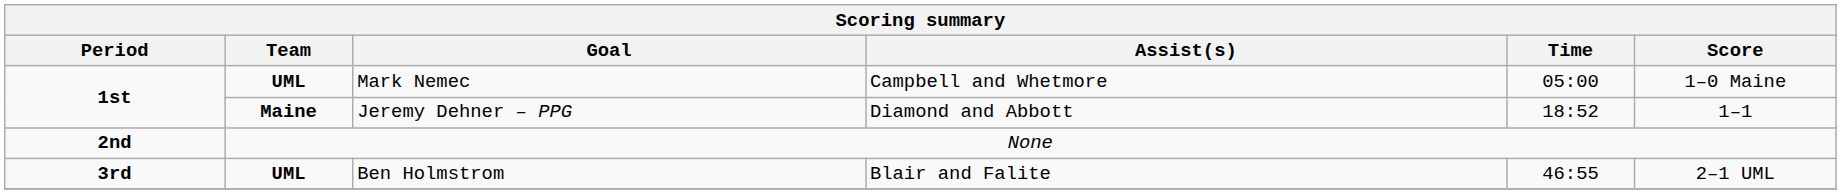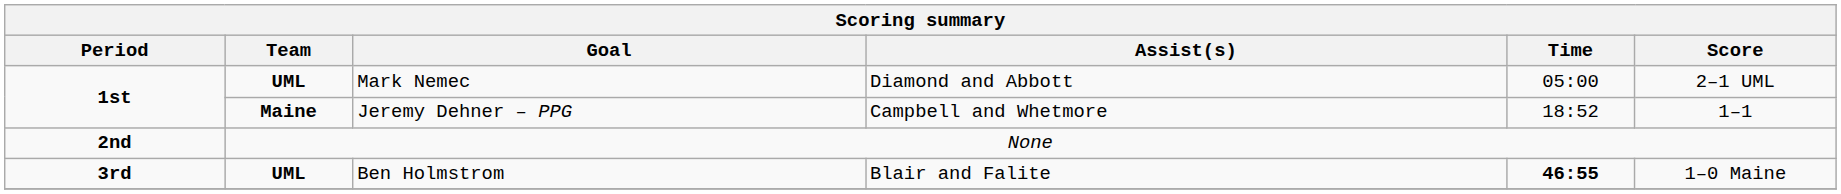 <table style="width:100%;" class="wikitable">
 <tr>
 <th colspan=6>Scoring summary</th>
 </tr>
 <tr>
 <th style="width:12%;">Period</th>
 <th style="width:7%;">Team</th>
 <th style="width:28%;">Goal</th>
 <th style="width:35%;">Assist(s)</th>
 <th style="width:7%;">Time</th>
 <th style="width:11%;">Score</th>
 </tr>
 <tr>
 <td style="text-align:center;" rowspan="2"><strong>1st</strong></td>
 <td align=center><strong>UML</strong></td>
 <td>Mark Nemec</td>
-<td>Campbell and Whetmore</td>
+<td>Diamond and Abbott</td>
 <td align=center>05:00</td>
-<td align=center>1–0 Maine</td>
+<td align=center>2–1 UML</td>
 </tr>
 <tr>
 <td align=center><strong>Maine</strong></td>
 <td>Jeremy Dehner – <em>PPG</em></td>
-<td>Diamond and Abbott</td>
+<td>Campbell and Whetmore</td>
 <td align=center>18:52</td>
 <td align=center>1–1</td>
 </tr>
 <tr>
 <td style="text-align:center;" rowspan="1"><strong>2nd</strong></td>
 <td style="text-align:center;" colspan="5"><em>None</em></td>
 </tr>
 <tr>
 <td style="text-align:center;" rowspan="1"><strong>3rd</strong></td>
 <td align=center><strong>UML</strong></td>
 <td>Ben Holmstrom</td>
 <td>Blair and Falite</td>
-<td align=center>46:55</td>
-<td align=center>2–1 UML</td>
+<td align=center><strong>46:55</strong></td>
+<td align=center>1–0 Maine</td>
 </tr>
 <tr>
 </tr>
 </table>
